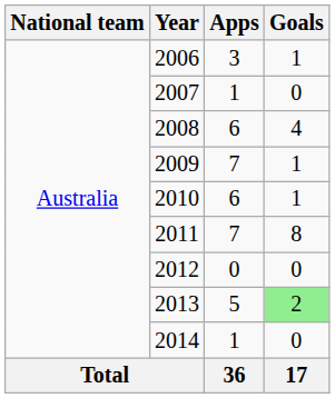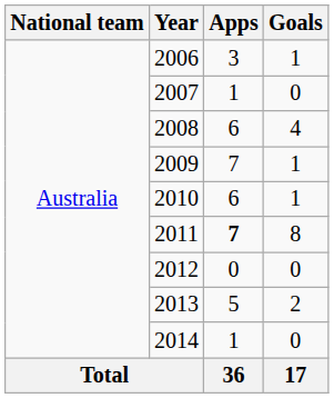 <table class="wikitable" style="text-align:center">
 <tr>
 <th>National team</th>
 <th>Year</th>
 <th>Apps</th>
 <th>Goals</th>
 </tr>
 <tr>
 <td rowspan="9"><a href='#'>Australia</a></td>
 <td>2006</td>
 <td>3</td>
 <td>1</td>
 </tr>
 <tr>
 <td>2007</td>
 <td>1</td>
 <td>0</td>
 </tr>
 <tr>
 <td>2008</td>
 <td>6</td>
 <td>4</td>
 </tr>
 <tr>
 <td>2009</td>
 <td>7</td>
 <td>1</td>
 </tr>
 <tr>
 <td>2010</td>
 <td>6</td>
 <td>1</td>
 </tr>
 <tr>
 <td>2011</td>
-<td>7</td>
+<td><strong>7</strong></td>
 <td>8</td>
 </tr>
 <tr>
 <td>2012</td>
 <td>0</td>
 <td>0</td>
 </tr>
 <tr>
 <td>2013</td>
 <td>5</td>
-<td style="background: lightgreen;">2</td>
+<td>2</td>
 </tr>
 <tr>
 <td>2014</td>
 <td>1</td>
 <td>0</td>
 </tr>
 <tr>
 <th colspan="2">Total</th>
 <th>36</th>
 <th>17</th>
 </tr>
 </table>
